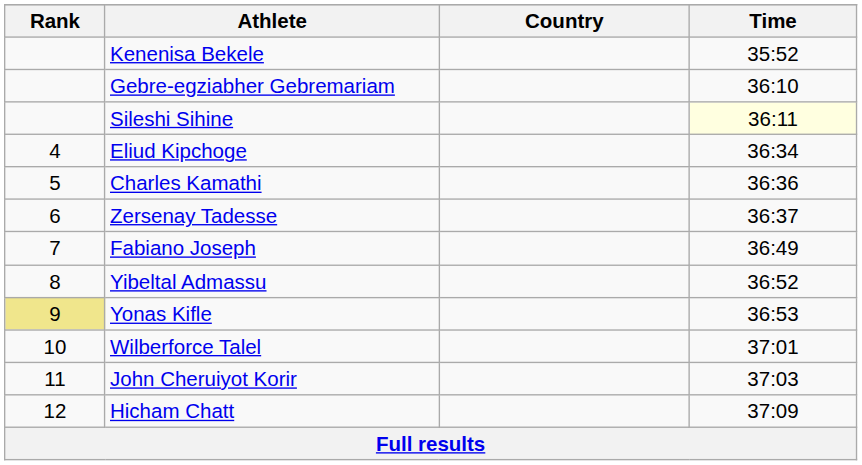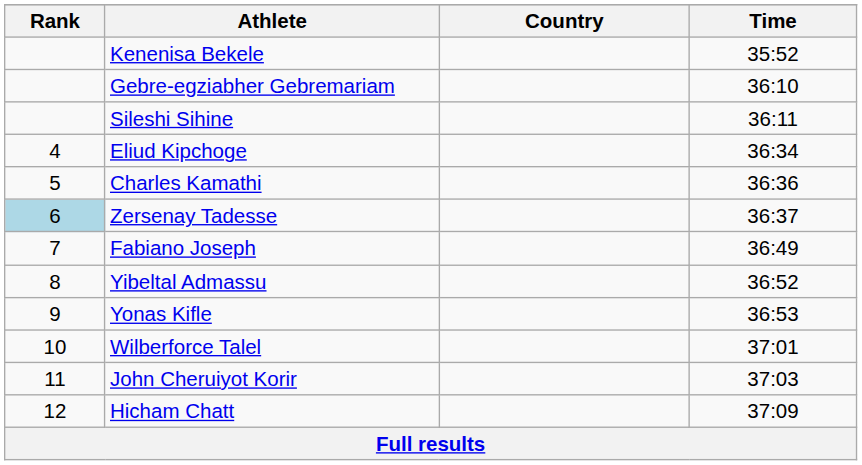 <table class="wikitable sortable" style=" text-align:center; font-size:95%;" width="50%">
 <tr>
 </tr>
 <tr>
 <th width=5%>Rank</th>
 <th width=20%>Athlete</th>
 <th width=15%>Country</th>
 <th width=10%>Time</th>
 </tr>
 <tr>
 <td align=center></td>
 <td align=left><a href='#'>Kenenisa Bekele</a></td>
 <td align=left></td>
 <td>35:52</td>
 </tr>
 <tr>
 <td align=center></td>
 <td align=left><a href='#'>Gebre-egziabher Gebremariam</a></td>
 <td align=left></td>
 <td>36:10</td>
 </tr>
 <tr>
 <td align=center></td>
 <td align=left><a href='#'>Sileshi Sihine</a></td>
 <td align=left></td>
-<td style="background: lightyellow;">36:11</td>
+<td>36:11</td>
 </tr>
 <tr>
 <td align=center>4</td>
 <td align=left><a href='#'>Eliud Kipchoge</a></td>
 <td align=left></td>
 <td>36:34</td>
 </tr>
 <tr>
 <td align=center>5</td>
 <td align=left><a href='#'>Charles Kamathi</a></td>
 <td align=left></td>
 <td>36:36</td>
 </tr>
 <tr>
-<td align=center>6</td>
+<td align=center style="background: lightblue;">6</td>
 <td align=left><a href='#'>Zersenay Tadesse</a></td>
 <td align=left></td>
 <td>36:37</td>
 </tr>
 <tr>
 <td align=center>7</td>
 <td align=left><a href='#'>Fabiano Joseph</a></td>
 <td align=left></td>
 <td>36:49</td>
 </tr>
 <tr>
 <td align=center>8</td>
 <td align=left><a href='#'>Yibeltal Admassu</a></td>
 <td align=left></td>
 <td>36:52</td>
 </tr>
 <tr>
-<td align=center style="background: khaki;">9</td>
+<td align=center>9</td>
 <td align=left><a href='#'>Yonas Kifle</a></td>
 <td align=left></td>
 <td>36:53</td>
 </tr>
 <tr>
 <td align=center>10</td>
 <td align=left><a href='#'>Wilberforce Talel</a></td>
 <td align=left></td>
 <td>37:01</td>
 </tr>
 <tr>
 <td align=center>11</td>
 <td align=left><a href='#'>John Cheruiyot Korir</a></td>
 <td align=left></td>
 <td>37:03</td>
 </tr>
 <tr>
 <td align=center>12</td>
 <td align=left><a href='#'>Hicham Chatt</a></td>
 <td align=left></td>
 <td>37:09</td>
 </tr>
 <tr class="sortbottom">
 <th colspan=4 align=center><a href='#'>Full results</a></th>
 </tr>
 </table>
